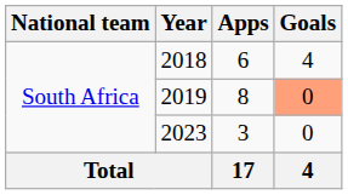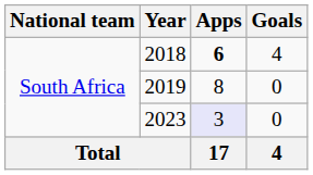 <table class="wikitable" style="text-align:center">
 <tr>
 <th>National team</th>
 <th>Year</th>
 <th>Apps</th>
 <th>Goals</th>
 </tr>
 <tr>
 <td rowspan="3"><a href='#'>South Africa</a></td>
 <td>2018</td>
-<td>6</td>
+<td><strong>6</strong></td>
 <td>4</td>
 </tr>
 <tr>
 <td>2019</td>
 <td>8</td>
-<td style="background: lightsalmon;">0</td>
+<td>0</td>
 </tr>
 <tr>
 <td>2023</td>
-<td>3</td>
+<td style="background: lavender;">3</td>
 <td>0</td>
 </tr>
 <tr>
 <th colspan="2">Total</th>
 <th>17</th>
 <th>4</th>
 </tr>
 </table>
